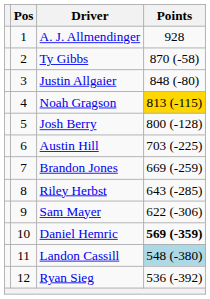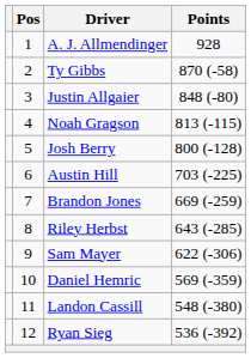 <table class="wikitable" style="font-size: 95%;">
 <tr>
 <th></th>
 <th>Pos</th>
 <th>Driver</th>
 <th>Points</th>
 </tr>
 <tr>
 <td align="left"></td>
 <td style="text-align:center;">1</td>
 <td><a href='#'>A. J. Allmendinger</a></td>
 <td style="text-align:center;">928</td>
 </tr>
 <tr>
 <td align="left"></td>
 <td style="text-align:center;">2</td>
 <td><a href='#'>Ty Gibbs</a></td>
 <td style="text-align:center;">870 (-58)</td>
 </tr>
 <tr>
 <td align="left"></td>
 <td style="text-align:center;">3</td>
 <td><a href='#'>Justin Allgaier</a></td>
 <td style="text-align:center;">848 (-80)</td>
 </tr>
 <tr>
 <td align="left"></td>
 <td style="text-align:center;">4</td>
 <td><a href='#'>Noah Gragson</a></td>
-<td style="background: gold; text-align:center;">813 (-115)</td>
+<td style="text-align:center;">813 (-115)</td>
 </tr>
 <tr>
 <td align="left"></td>
 <td style="text-align:center;">5</td>
 <td><a href='#'>Josh Berry</a></td>
 <td style="text-align:center;">800 (-128)</td>
 </tr>
 <tr>
 <td align="left"></td>
 <td style="text-align:center;">6</td>
 <td><a href='#'>Austin Hill</a></td>
 <td style="text-align:center;">703 (-225)</td>
 </tr>
 <tr>
 <td align="left"></td>
 <td style="text-align:center;">7</td>
 <td><a href='#'>Brandon Jones</a></td>
 <td style="text-align:center;">669 (-259)</td>
 </tr>
 <tr>
 <td align="left"></td>
 <td style="text-align:center;">8</td>
 <td><a href='#'>Riley Herbst</a></td>
 <td style="text-align:center;">643 (-285)</td>
 </tr>
 <tr>
 <td align="left"></td>
 <td style="text-align:center;">9</td>
 <td><a href='#'>Sam Mayer</a></td>
 <td style="text-align:center;">622 (-306)</td>
 </tr>
 <tr>
 <td align="left"></td>
 <td style="text-align:center;">10</td>
 <td><a href='#'>Daniel Hemric</a></td>
-<td style="text-align:center;"><strong>569 (-359)</strong></td>
+<td style="text-align:center;">569 (-359)</td>
 </tr>
 <tr>
 <td align="left"></td>
 <td style="text-align:center;">11</td>
 <td><a href='#'>Landon Cassill</a></td>
-<td style="background: lightblue; text-align:center;">548 (-380)</td>
+<td style="text-align:center;">548 (-380)</td>
 </tr>
 <tr>
 <td align="left"></td>
 <td style="text-align:center;">12</td>
 <td><a href='#'>Ryan Sieg</a></td>
 <td style="text-align:center;">536 (-392)</td>
 </tr>
 <tr class="sortbottom">
 <th colspan="9"></th>
 </tr>
 </table>
